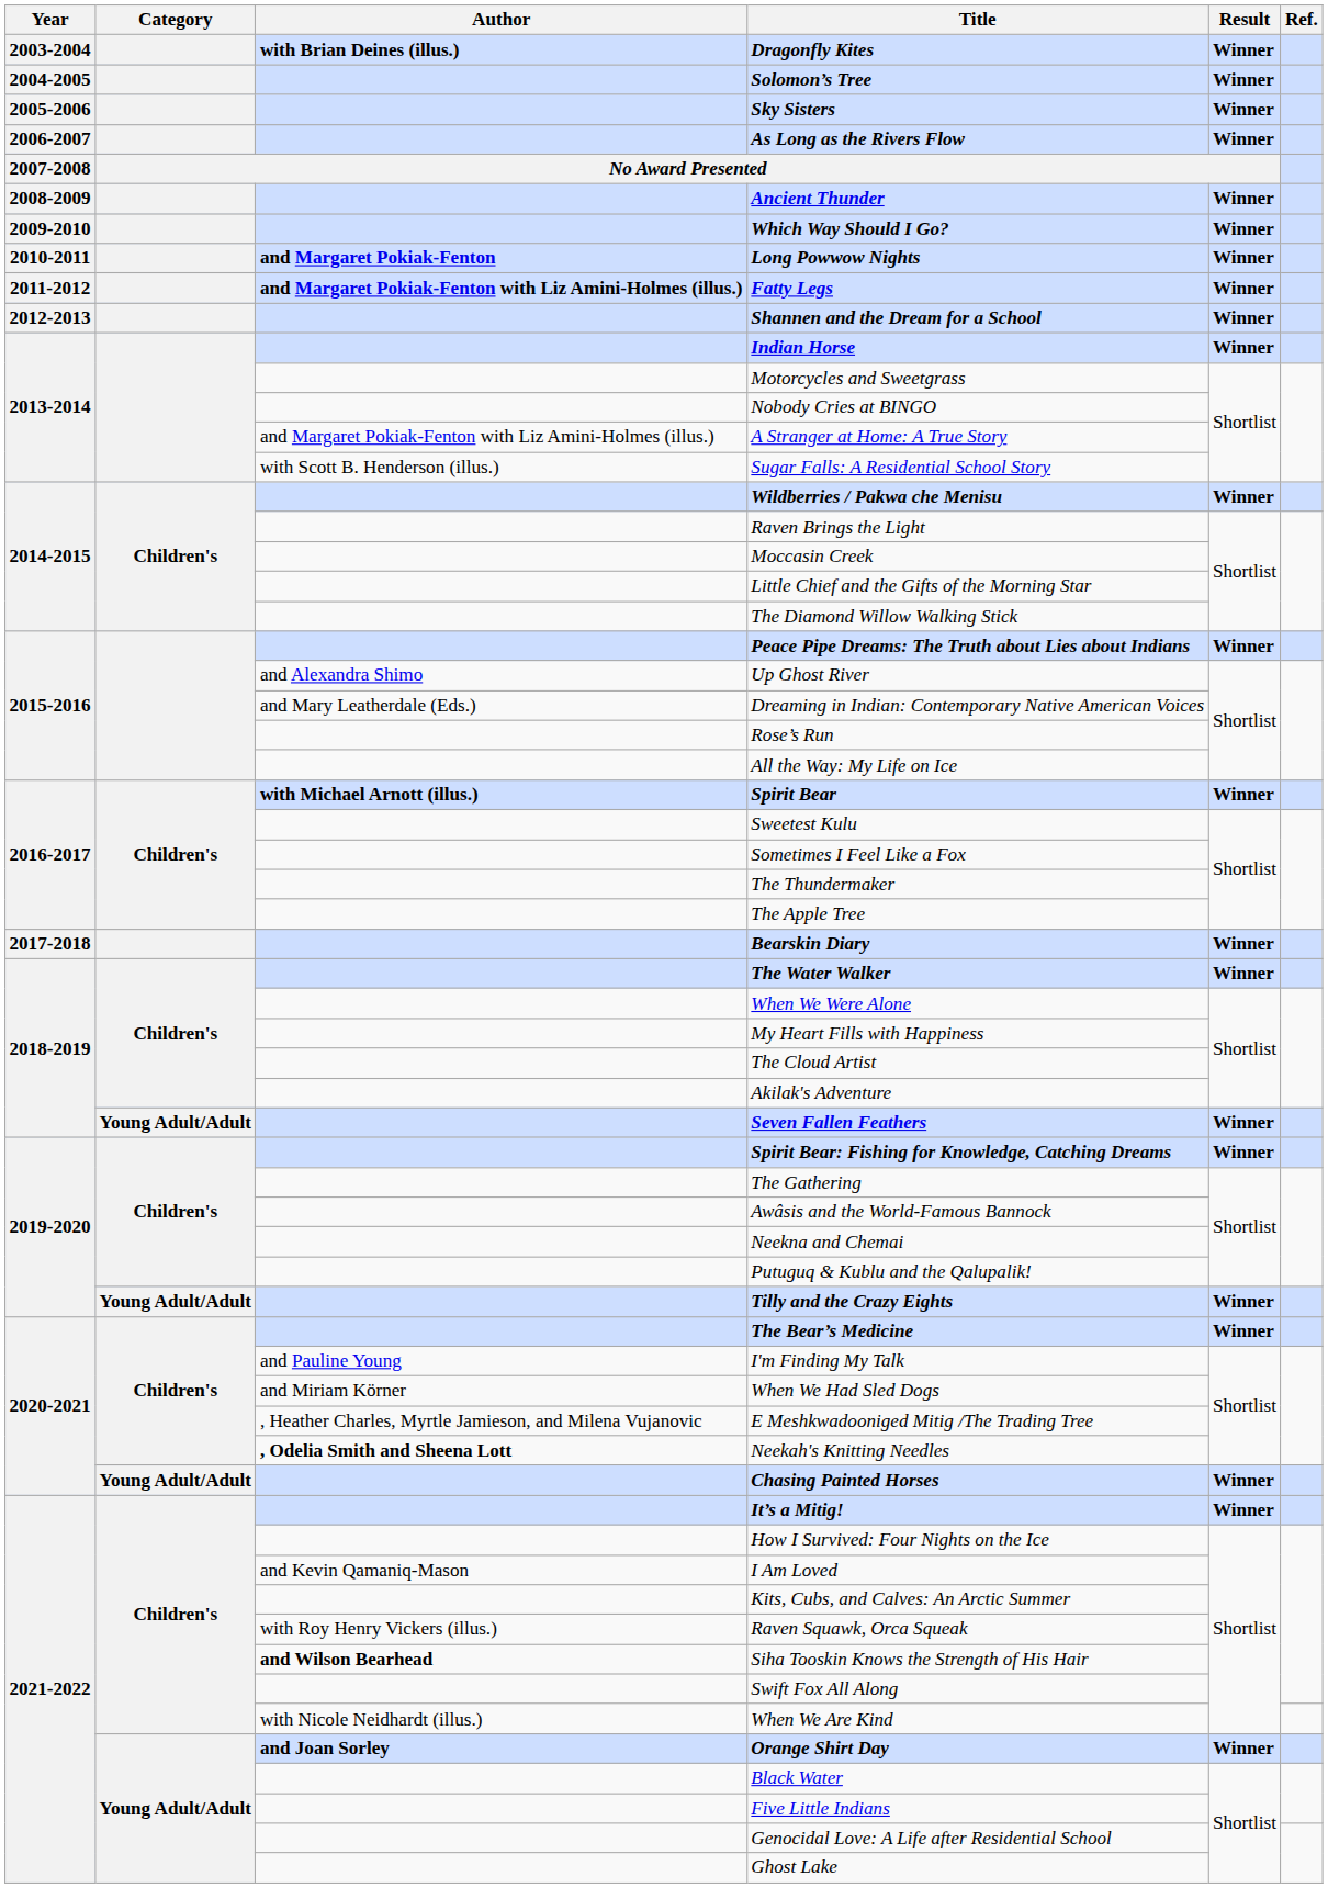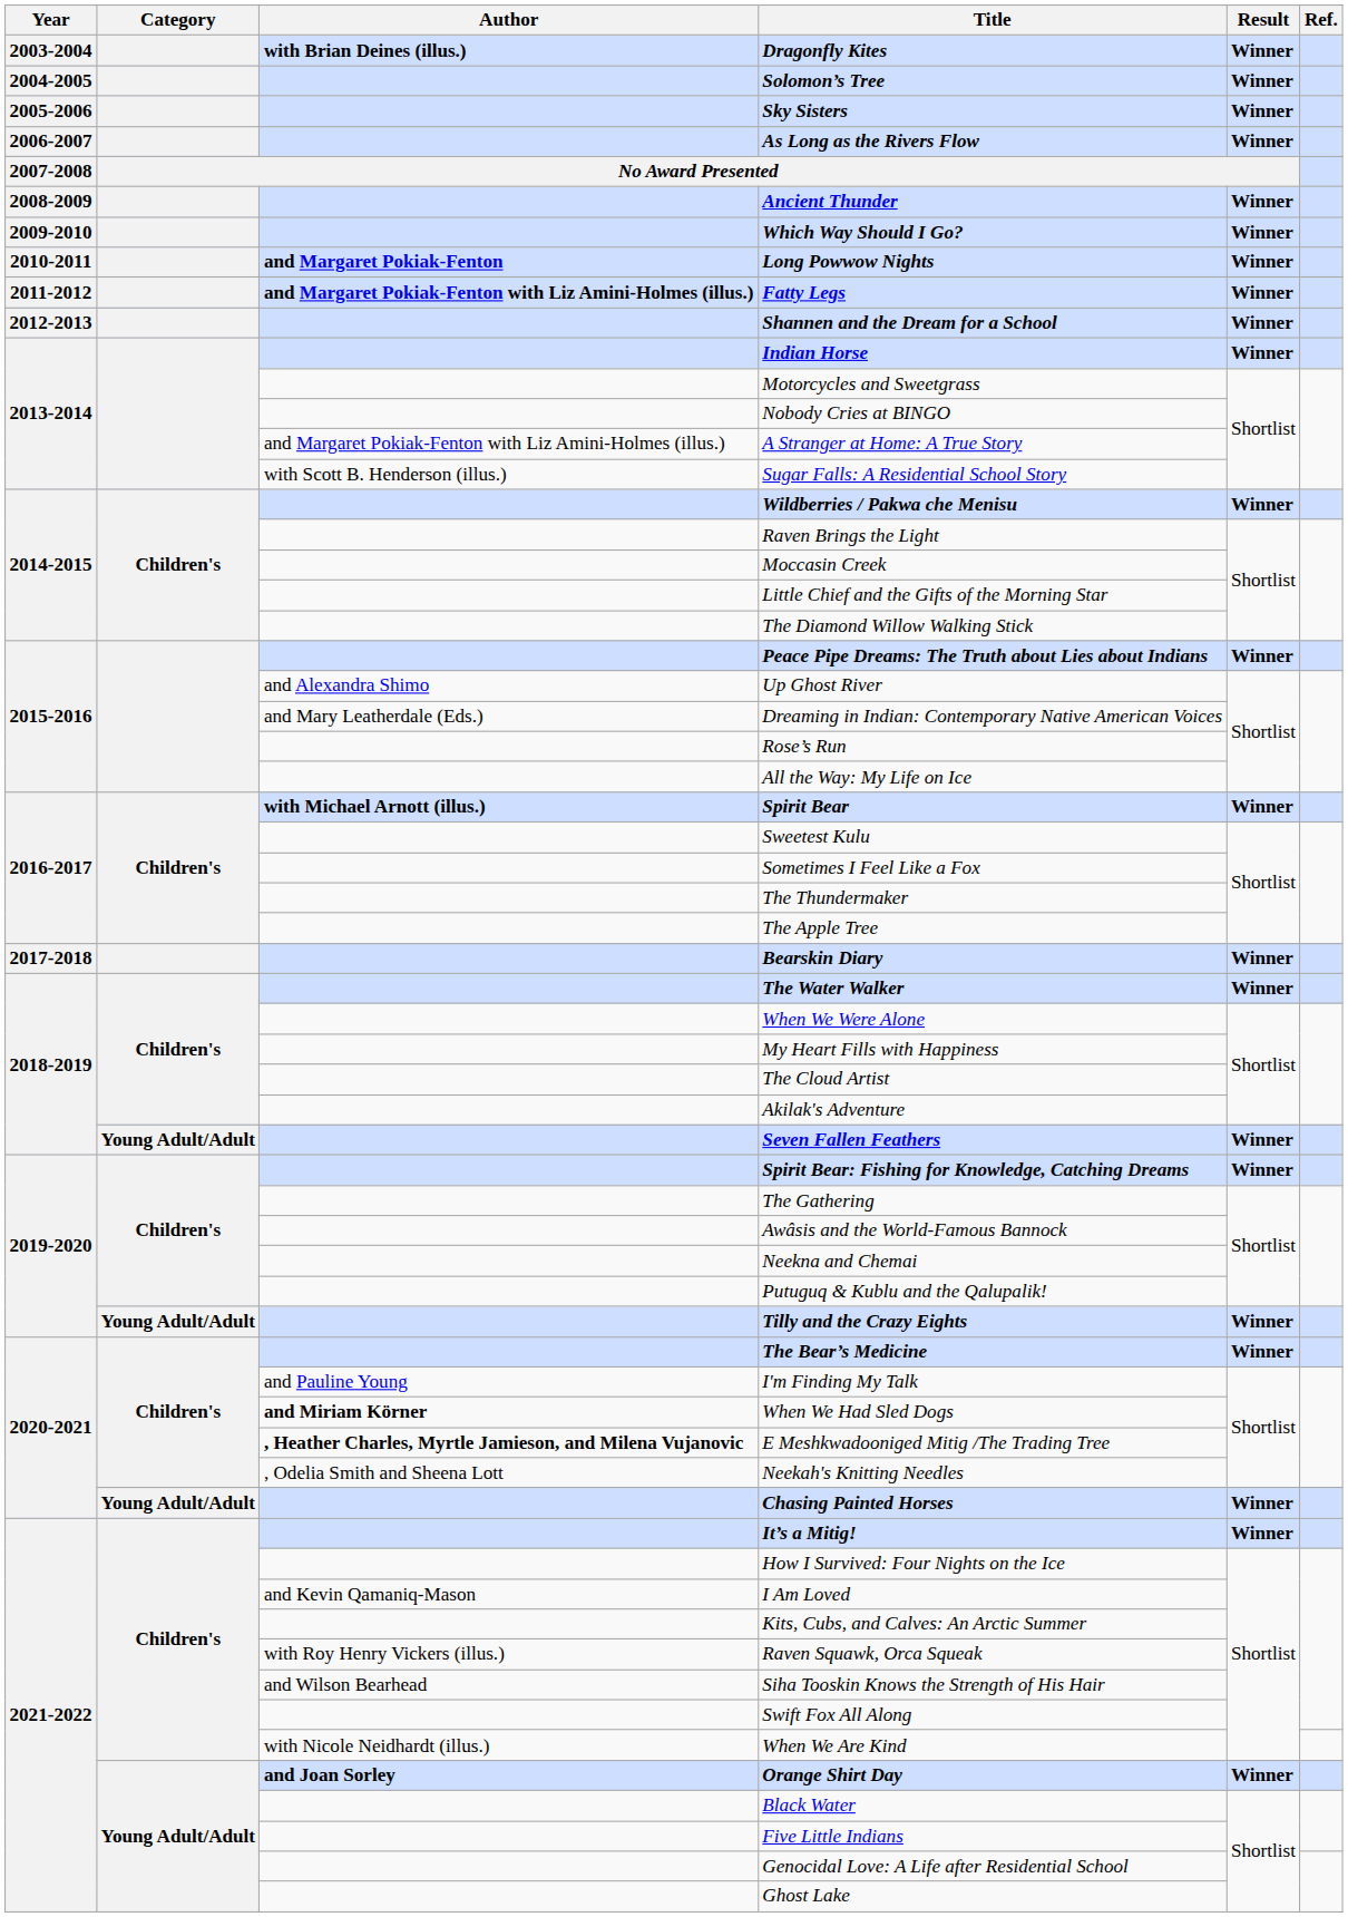 <table class="wikitable sortable">
 <tr>
 <th>Year</th>
 <th>Category</th>
 <th>Author</th>
 <th>Title</th>
 <th>Result</th>
 <th>Ref.</th>
 </tr>
 <tr style="background:#cddeff">
 <th>2003-2004</th>
 <th></th>
 <td><strong> with Brian Deines (illus.)</strong></td>
 <td><strong><em>Dragonfly Kites</em></strong></td>
 <td><strong>Winner</strong></td>
 <td></td>
 </tr>
 <tr style="background:#cddeff">
 <th>2004-2005</th>
 <th></th>
 <td><strong></strong></td>
 <td><strong><em>Solomon’s Tree</em></strong></td>
 <td><strong>Winner</strong></td>
 <td></td>
 </tr>
 <tr style="background:#cddeff">
 <th>2005-2006</th>
 <th></th>
 <td><strong></strong></td>
 <td><strong><em>Sky Sisters</em></strong></td>
 <td><strong>Winner</strong></td>
 <td></td>
 </tr>
 <tr style="background:#cddeff">
 <th>2006-2007</th>
 <th></th>
 <td><strong></strong></td>
 <td><strong><em>As Long as the Rivers Flow</em></strong></td>
 <td><strong>Winner</strong></td>
 <td></td>
 </tr>
 <tr style="background:#cddeff">
 <th>2007-2008</th>
 <th colspan="4"><em>No Award Presented</em></th>
 <td></td>
 </tr>
 <tr style="background:#cddeff">
 <th>2008-2009</th>
 <th></th>
 <td><strong></strong></td>
 <td><strong><em><a href='#'>Ancient Thunder</a></em></strong></td>
 <td><strong>Winner</strong></td>
 <td></td>
 </tr>
 <tr style="background:#cddeff">
 <th>2009-2010</th>
 <th></th>
 <td><strong></strong></td>
 <td><strong><em>Which Way Should I Go?</em></strong></td>
 <td><strong>Winner</strong></td>
 <td></td>
 </tr>
 <tr style="background:#cddeff">
 <th>2010-2011</th>
 <th></th>
 <td><strong> and <a href='#'>Margaret Pokiak-Fenton</a></strong></td>
 <td><strong><em>Long Powwow Nights</em></strong></td>
 <td><strong>Winner</strong></td>
 <td></td>
 </tr>
 <tr style="background:#cddeff">
 <th>2011-2012</th>
 <th></th>
 <td><strong> and <a href='#'>Margaret Pokiak-Fenton</a> with Liz Amini-Holmes (illus.)</strong></td>
 <td><strong><em><a href='#'>Fatty Legs</a></em></strong></td>
 <td><strong>Winner</strong></td>
 <td></td>
 </tr>
 <tr style="background:#cddeff">
 <th>2012-2013</th>
 <th></th>
 <td><strong></strong></td>
 <td><strong><em>Shannen and the Dream for a School</em></strong></td>
 <td><strong>Winner</strong></td>
 <td></td>
 </tr>
 <tr style="background:#cddeff">
 <th rowspan="5">2013-2014</th>
 <th rowspan="5"></th>
 <td><strong></strong></td>
 <td><strong><em><a href='#'>Indian Horse</a></em></strong></td>
 <td><strong>Winner</strong></td>
 <td></td>
 </tr>
 <tr>
 <td></td>
 <td><em>Motorcycles and Sweetgrass</em></td>
 <td rowspan="4">Shortlist</td>
 <td rowspan="4"></td>
 </tr>
 <tr>
 <td></td>
 <td><em>Nobody Cries at BINGO</em></td>
 </tr>
 <tr>
 <td> and <a href='#'>Margaret Pokiak-Fenton</a> with Liz Amini-Holmes (illus.)</td>
 <td><em><a href='#'>A Stranger at Home: A True Story</a></em></td>
 </tr>
 <tr>
 <td> with Scott B. Henderson (illus.)</td>
 <td><em><a href='#'>Sugar Falls: A Residential School Story</a></em></td>
 </tr>
 <tr style="background:#cddeff">
 <th rowspan="5">2014-2015</th>
 <th rowspan="5">Children's</th>
 <td><strong></strong></td>
 <td><strong><em>Wildberries / Pakwa che Menisu</em></strong></td>
 <td><strong>Winner</strong></td>
 <td></td>
 </tr>
 <tr>
 <td></td>
 <td><em>Raven Brings the Light</em></td>
 <td rowspan="4">Shortlist</td>
 <td rowspan="4"></td>
 </tr>
 <tr>
 <td></td>
 <td><em>Moccasin Creek</em></td>
 </tr>
 <tr>
 <td></td>
 <td><em>Little Chief and the Gifts of the Morning Star</em></td>
 </tr>
 <tr>
 <td></td>
 <td><em>The Diamond Willow Walking Stick</em></td>
 </tr>
 <tr style="background:#cddeff">
 <th rowspan="5">2015-2016</th>
 <th rowspan="5"></th>
 <td><strong></strong></td>
 <td><strong><em>Peace Pipe Dreams: The Truth about Lies about Indians</em></strong></td>
 <td><strong>Winner</strong></td>
 <td></td>
 </tr>
 <tr>
 <td> and <a href='#'>Alexandra Shimo</a></td>
 <td><em>Up Ghost River</em></td>
 <td rowspan="4">Shortlist</td>
 <td rowspan="4"></td>
 </tr>
 <tr>
 <td> and Mary Leatherdale (Eds.)</td>
 <td><em>Dreaming in Indian: Contemporary Native American Voices</em></td>
 </tr>
 <tr>
 <td></td>
 <td><em>Rose’s Run</em></td>
 </tr>
 <tr>
 <td></td>
 <td><em>All the Way: My Life on Ice</em></td>
 </tr>
 <tr style="background:#cddeff">
 <th rowspan="5">2016-2017</th>
 <th rowspan="5">Children's</th>
 <td><strong> with Michael Arnott (illus.)</strong></td>
 <td><strong><em>Spirit Bear</em></strong></td>
 <td><strong>Winner</strong></td>
 <td></td>
 </tr>
 <tr>
 <td></td>
 <td><em>Sweetest Kulu</em></td>
 <td rowspan="4">Shortlist</td>
 <td rowspan="4"></td>
 </tr>
 <tr>
 <td></td>
 <td><em>Sometimes I Feel Like a Fox</em></td>
 </tr>
 <tr>
 <td></td>
 <td><em>The Thundermaker</em></td>
 </tr>
 <tr>
 <td></td>
 <td><em>The Apple Tree</em></td>
 </tr>
 <tr style="background:#cddeff">
 <th>2017-2018</th>
 <th></th>
 <td><strong></strong></td>
 <td><strong><em>Bearskin Diary</em></strong></td>
 <td><strong>Winner</strong></td>
 <td></td>
 </tr>
 <tr style="background:#cddeff">
 <th rowspan="6">2018-2019</th>
 <th rowspan="5">Children's</th>
 <td><strong></strong></td>
 <td><strong><em>The Water Walker</em></strong></td>
 <td><strong>Winner</strong></td>
 <td></td>
 </tr>
 <tr>
 <td></td>
 <td><em><a href='#'>When We Were Alone</a></em></td>
 <td rowspan="4">Shortlist</td>
 <td rowspan="4"></td>
 </tr>
 <tr>
 <td></td>
 <td><em>My Heart Fills with Happiness</em></td>
 </tr>
 <tr>
 <td></td>
 <td><em>The Cloud Artist</em></td>
 </tr>
 <tr>
 <td></td>
 <td><em>Akilak's Adventure</em></td>
 </tr>
 <tr style="background:#cddeff">
 <th>Young Adult/Adult</th>
 <td><strong></strong></td>
 <td><strong><em><a href='#'>Seven Fallen Feathers</a></em></strong></td>
 <td><strong>Winner</strong></td>
 <td></td>
 </tr>
 <tr style="background:#cddeff">
 <th rowspan="6">2019-2020</th>
 <th rowspan="5">Children's</th>
 <td><strong></strong></td>
 <td><strong><em>Spirit Bear: Fishing for Knowledge, Catching Dreams</em></strong></td>
 <td><strong>Winner</strong></td>
 <td></td>
 </tr>
 <tr>
 <td></td>
 <td><em>The Gathering</em></td>
 <td rowspan="4">Shortlist</td>
 <td rowspan="4"></td>
 </tr>
 <tr>
 <td></td>
 <td><em>Awâsis and the World-Famous Bannock</em></td>
 </tr>
 <tr>
 <td></td>
 <td><em>Neekna and Chemai</em></td>
 </tr>
 <tr>
 <td></td>
 <td><em>Putuguq & Kublu and the Qalupalik!</em></td>
 </tr>
 <tr style="background:#cddeff">
 <th>Young Adult/Adult</th>
 <td><strong></strong></td>
 <td><strong><em>Tilly and the Crazy Eights</em></strong></td>
 <td><strong>Winner</strong></td>
 <td></td>
 </tr>
 <tr style="background:#cddeff">
 <th rowspan="6">2020-2021</th>
 <th rowspan="5">Children's</th>
 <td><strong></strong></td>
 <td><strong><em>The Bear’s Medicine</em></strong></td>
 <td><strong>Winner</strong></td>
 <td></td>
 </tr>
 <tr>
 <td> and <a href='#'>Pauline Young</a></td>
 <td><em>I'm Finding My Talk</em></td>
 <td rowspan="4">Shortlist</td>
 <td rowspan="4"></td>
 </tr>
 <tr>
-<td> and Miriam Körner</td>
+<td><strong> and Miriam Körner</strong></td>
 <td><em>When We Had Sled Dogs</em></td>
 </tr>
 <tr>
-<td>, Heather Charles, Myrtle Jamieson, and Milena Vujanovic</td>
+<td><strong>, Heather Charles, Myrtle Jamieson, and Milena Vujanovic</strong></td>
 <td><em>E Meshkwadooniged Mitig /The Trading Tree</em></td>
 </tr>
 <tr>
-<td><strong>, Odelia Smith and Sheena Lott</strong></td>
+<td>, Odelia Smith and Sheena Lott</td>
 <td><em>Neekah's Knitting Needles</em></td>
 </tr>
 <tr style="background:#cddeff">
 <th>Young Adult/Adult</th>
 <td><strong></strong></td>
 <td><strong><em>Chasing Painted Horses</em></strong></td>
 <td><strong>Winner</strong></td>
 <td></td>
 </tr>
 <tr style="background:#cddeff">
 <th rowspan="13">2021-2022</th>
 <th rowspan="8">Children's</th>
 <td><strong></strong></td>
 <td><strong><em>It’s a Mitig!</em></strong></td>
 <td><strong>Winner</strong></td>
 <td></td>
 </tr>
 <tr>
 <td></td>
 <td><em>How I Survived: Four Nights on the Ice</em></td>
 <td rowspan="7">Shortlist</td>
 <td rowspan="6"></td>
 </tr>
 <tr>
 <td> and Kevin Qamaniq-Mason</td>
 <td><em>I Am Loved</em></td>
 </tr>
 <tr>
 <td></td>
 <td><em>Kits, Cubs, and Calves: An Arctic Summer</em></td>
 </tr>
 <tr>
 <td> with Roy Henry Vickers (illus.)</td>
 <td><em>Raven Squawk, Orca Squeak</em></td>
 </tr>
 <tr>
-<td><strong> and Wilson Bearhead</strong></td>
+<td> and Wilson Bearhead</td>
 <td><em>Siha Tooskin Knows the Strength of His Hair</em></td>
 </tr>
 <tr>
 <td></td>
 <td><em>Swift Fox All Along</em></td>
 </tr>
 <tr>
 <td> with Nicole Neidhardt (illus.)</td>
 <td><em>When We Are Kind</em></td>
 <td></td>
 </tr>
 <tr style="background:#cddeff">
 <th rowspan="5">Young Adult/Adult</th>
 <td><strong> and Joan Sorley</strong></td>
 <td><strong><em>Orange Shirt Day</em></strong></td>
 <td><strong>Winner</strong></td>
 <td></td>
 </tr>
 <tr>
 <td></td>
 <td><em><a href='#'>Black Water</a></em></td>
 <td rowspan="4">Shortlist</td>
 <td rowspan="2"></td>
 </tr>
 <tr>
 <td></td>
 <td><em><a href='#'>Five Little Indians</a></em></td>
 </tr>
 <tr>
 <td></td>
 <td><em>Genocidal Love: A Life after Residential School</em></td>
 <td rowspan="2"></td>
 </tr>
 <tr>
 <td></td>
 <td><em>Ghost Lake</em></td>
 </tr>
 </table>
